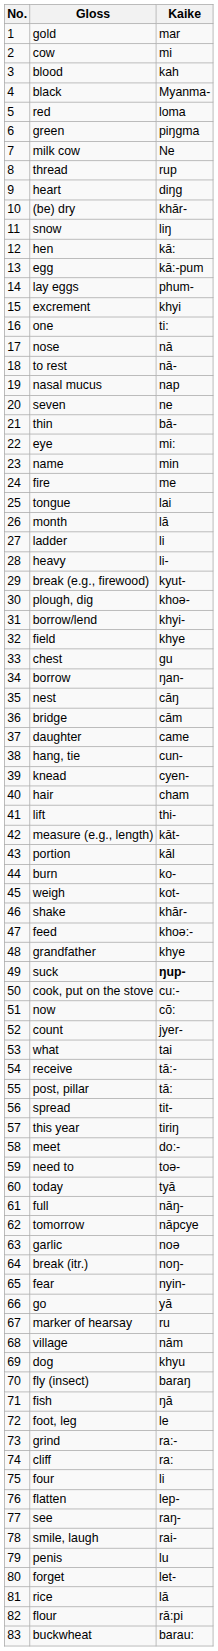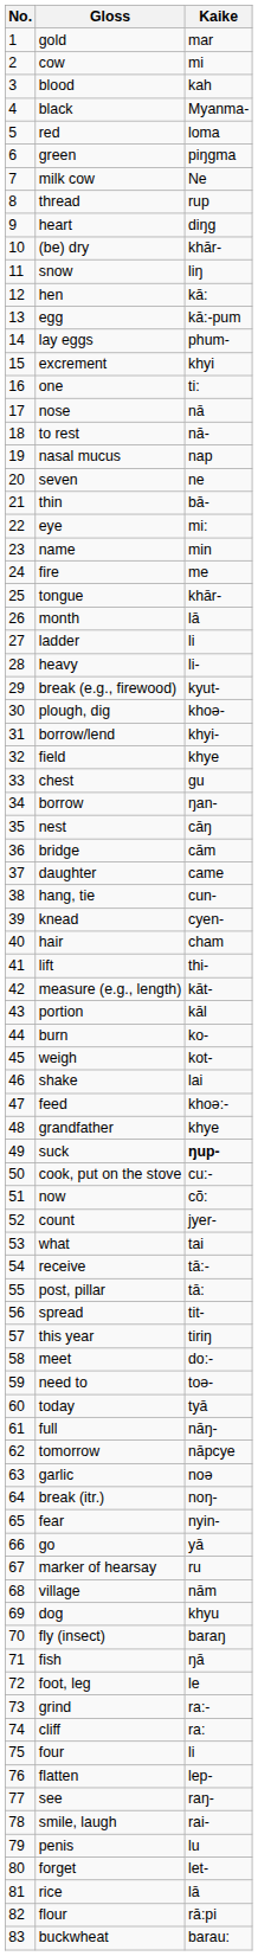 <table class="wikitable sortable">
 <tr>
 <th>No.</th>
 <th>Gloss</th>
 <th>Kaike</th>
 </tr>
 <tr>
 <td>1</td>
 <td>gold</td>
 <td>mar</td>
 </tr>
 <tr>
 <td>2</td>
 <td>cow</td>
 <td>mi</td>
 </tr>
 <tr>
 <td>3</td>
 <td>blood</td>
 <td>kah</td>
 </tr>
 <tr>
 <td>4</td>
 <td>black</td>
 <td>Myanma-</td>
 </tr>
 <tr>
 <td>5</td>
 <td>red</td>
 <td>loma</td>
 </tr>
 <tr>
 <td>6</td>
 <td>green</td>
 <td>piŋgma</td>
 </tr>
 <tr>
 <td>7</td>
 <td>milk cow</td>
 <td>Ne</td>
 </tr>
 <tr>
 <td>8</td>
 <td>thread</td>
 <td>rup</td>
 </tr>
 <tr>
 <td>9</td>
 <td>heart</td>
 <td>diŋg</td>
 </tr>
 <tr>
 <td>10</td>
 <td>(be) dry</td>
 <td>khār-</td>
 </tr>
 <tr>
 <td>11</td>
 <td>snow</td>
 <td>liŋ</td>
 </tr>
 <tr>
 <td>12</td>
 <td>hen</td>
 <td>kā:</td>
 </tr>
 <tr>
 <td>13</td>
 <td>egg</td>
 <td>kā:-pum</td>
 </tr>
 <tr>
 <td>14</td>
 <td>lay eggs</td>
 <td>phum-</td>
 </tr>
 <tr>
 <td>15</td>
 <td>excrement</td>
 <td>khyi</td>
 </tr>
 <tr>
 <td>16</td>
 <td>one</td>
 <td>ti:</td>
 </tr>
 <tr>
 <td>17</td>
 <td>nose</td>
 <td>nā</td>
 </tr>
 <tr>
 <td>18</td>
 <td>to rest</td>
 <td>nā-</td>
 </tr>
 <tr>
 <td>19</td>
 <td>nasal mucus</td>
 <td>nap</td>
 </tr>
 <tr>
 <td>20</td>
 <td>seven</td>
 <td>ne</td>
 </tr>
 <tr>
 <td>21</td>
 <td>thin</td>
 <td>bā-</td>
 </tr>
 <tr>
 <td>22</td>
 <td>eye</td>
 <td>mi:</td>
 </tr>
 <tr>
 <td>23</td>
 <td>name</td>
 <td>min</td>
 </tr>
 <tr>
 <td>24</td>
 <td>fire</td>
 <td>me</td>
 </tr>
 <tr>
 <td>25</td>
 <td>tongue</td>
-<td>lai</td>
+<td>khār-</td>
 </tr>
 <tr>
 <td>26</td>
 <td>month</td>
 <td>lā</td>
 </tr>
 <tr>
 <td>27</td>
 <td>ladder</td>
 <td>li</td>
 </tr>
 <tr>
 <td>28</td>
 <td>heavy</td>
 <td>li-</td>
 </tr>
 <tr>
 <td>29</td>
 <td>break (e.g., firewood)</td>
 <td>kyut-</td>
 </tr>
 <tr>
 <td>30</td>
 <td>plough, dig</td>
 <td>khoə-</td>
 </tr>
 <tr>
 <td>31</td>
 <td>borrow/lend</td>
 <td>khyi-</td>
 </tr>
 <tr>
 <td>32</td>
 <td>field</td>
 <td>khye</td>
 </tr>
 <tr>
 <td>33</td>
 <td>chest</td>
 <td>gu</td>
 </tr>
 <tr>
 <td>34</td>
 <td>borrow</td>
 <td>ŋan-</td>
 </tr>
 <tr>
 <td>35</td>
 <td>nest</td>
 <td>cāŋ</td>
 </tr>
 <tr>
 <td>36</td>
 <td>bridge</td>
 <td>cām</td>
 </tr>
 <tr>
 <td>37</td>
 <td>daughter</td>
 <td>came</td>
 </tr>
 <tr>
 <td>38</td>
 <td>hang, tie</td>
 <td>cun-</td>
 </tr>
 <tr>
 <td>39</td>
 <td>knead</td>
 <td>cyen-</td>
 </tr>
 <tr>
 <td>40</td>
 <td>hair</td>
 <td>cham</td>
 </tr>
 <tr>
 <td>41</td>
 <td>lift</td>
 <td>thi-</td>
 </tr>
 <tr>
 <td>42</td>
 <td>measure (e.g., length)</td>
 <td>kāt-</td>
 </tr>
 <tr>
 <td>43</td>
 <td>portion</td>
 <td>kāl</td>
 </tr>
 <tr>
 <td>44</td>
 <td>burn</td>
 <td>ko-</td>
 </tr>
 <tr>
 <td>45</td>
 <td>weigh</td>
 <td>kot-</td>
 </tr>
 <tr>
 <td>46</td>
 <td>shake</td>
-<td>khār-</td>
+<td>lai</td>
 </tr>
 <tr>
 <td>47</td>
 <td>feed</td>
 <td>khoə:-</td>
 </tr>
 <tr>
 <td>48</td>
 <td>grandfather</td>
 <td>khye</td>
 </tr>
 <tr>
 <td>49</td>
 <td>suck</td>
 <td><strong>ŋup-</strong></td>
 </tr>
 <tr>
 <td>50</td>
 <td>cook, put on the stove</td>
 <td>cu:-</td>
 </tr>
 <tr>
 <td>51</td>
 <td>now</td>
 <td>cõ:</td>
 </tr>
 <tr>
 <td>52</td>
 <td>count</td>
 <td>jyer-</td>
 </tr>
 <tr>
 <td>53</td>
 <td>what</td>
 <td>tai</td>
 </tr>
 <tr>
 <td>54</td>
 <td>receive</td>
 <td>tā:-</td>
 </tr>
 <tr>
 <td>55</td>
 <td>post, pillar</td>
 <td>tā:</td>
 </tr>
 <tr>
 <td>56</td>
 <td>spread</td>
 <td>tit-</td>
 </tr>
 <tr>
 <td>57</td>
 <td>this year</td>
 <td>tiriŋ</td>
 </tr>
 <tr>
 <td>58</td>
 <td>meet</td>
 <td>do:-</td>
 </tr>
 <tr>
 <td>59</td>
 <td>need to</td>
 <td>toə-</td>
 </tr>
 <tr>
 <td>60</td>
 <td>today</td>
 <td>tyā</td>
 </tr>
 <tr>
 <td>61</td>
 <td>full</td>
 <td>nāŋ-</td>
 </tr>
 <tr>
 <td>62</td>
 <td>tomorrow</td>
 <td>nāpcye</td>
 </tr>
 <tr>
 <td>63</td>
 <td>garlic</td>
 <td>noə</td>
 </tr>
 <tr>
 <td>64</td>
 <td>break (itr.)</td>
 <td>noŋ-</td>
 </tr>
 <tr>
 <td>65</td>
 <td>fear</td>
 <td>nyin-</td>
 </tr>
 <tr>
 <td>66</td>
 <td>go</td>
 <td>yā</td>
 </tr>
 <tr>
 <td>67</td>
 <td>marker of hearsay</td>
 <td>ru</td>
 </tr>
 <tr>
 <td>68</td>
 <td>village</td>
 <td>nām</td>
 </tr>
 <tr>
 <td>69</td>
 <td>dog</td>
 <td>khyu</td>
 </tr>
 <tr>
 <td>70</td>
 <td>fly (insect)</td>
 <td>baraŋ</td>
 </tr>
 <tr>
 <td>71</td>
 <td>fish</td>
 <td>ŋā</td>
 </tr>
 <tr>
 <td>72</td>
 <td>foot, leg</td>
 <td>le</td>
 </tr>
 <tr>
 <td>73</td>
 <td>grind</td>
 <td>ra:-</td>
 </tr>
 <tr>
 <td>74</td>
 <td>cliff</td>
 <td>ra:</td>
 </tr>
 <tr>
 <td>75</td>
 <td>four</td>
 <td>li</td>
 </tr>
 <tr>
 <td>76</td>
 <td>flatten</td>
 <td>lep-</td>
 </tr>
 <tr>
 <td>77</td>
 <td>see</td>
 <td>raŋ-</td>
 </tr>
 <tr>
 <td>78</td>
 <td>smile, laugh</td>
 <td>rai-</td>
 </tr>
 <tr>
 <td>79</td>
 <td>penis</td>
 <td>lu</td>
 </tr>
 <tr>
 <td>80</td>
 <td>forget</td>
 <td>let-</td>
 </tr>
 <tr>
 <td>81</td>
 <td>rice</td>
 <td>lā</td>
 </tr>
 <tr>
 <td>82</td>
 <td>flour</td>
 <td>rā:pi</td>
 </tr>
 <tr>
 <td>83</td>
 <td>buckwheat</td>
 <td>barau:</td>
 </tr>
 </table>
